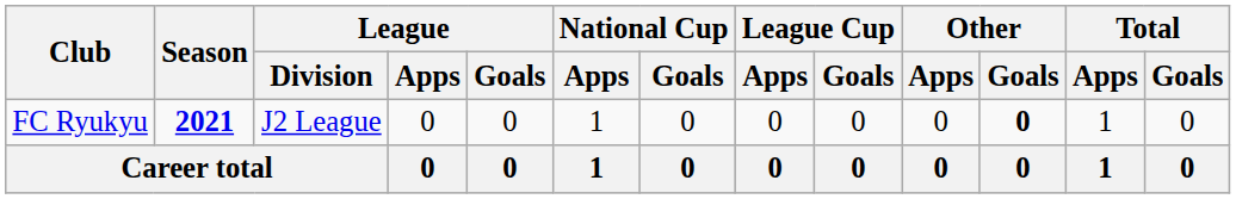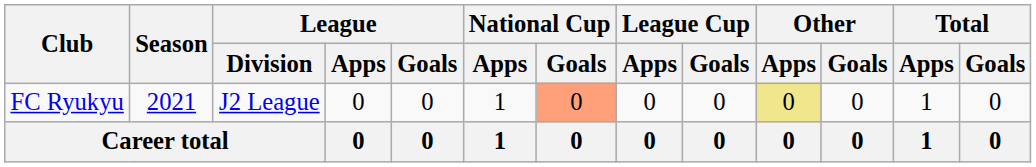 <table class="wikitable" style="text-align: center">
 <tr>
 <th rowspan="2">Club</th>
 <th rowspan="2">Season</th>
 <th colspan="3">League</th>
 <th colspan="2">National Cup</th>
 <th colspan="2">League Cup</th>
 <th colspan="2">Other</th>
 <th colspan="2">Total</th>
 </tr>
 <tr>
 <th>Division</th>
 <th>Apps</th>
 <th>Goals</th>
 <th>Apps</th>
 <th>Goals</th>
 <th>Apps</th>
 <th>Goals</th>
 <th>Apps</th>
 <th>Goals</th>
 <th>Apps</th>
 <th>Goals</th>
 </tr>
 <tr>
 <td><a href='#'>FC Ryukyu</a></td>
-<td><strong><a href='#'>2021</a></strong></td>
+<td><a href='#'>2021</a></td>
 <td><a href='#'>J2 League</a></td>
 <td>0</td>
 <td>0</td>
 <td>1</td>
+<td style="background: lightsalmon;">0</td>
 <td>0</td>
 <td>0</td>
+<td style="background: khaki;">0</td>
 <td>0</td>
-<td>0</td>
-<td><strong>0</strong></td>
 <td>1</td>
 <td>0</td>
 </tr>
 <tr>
 <th colspan=3>Career total</th>
 <th>0</th>
 <th>0</th>
 <th>1</th>
 <th>0</th>
 <th>0</th>
 <th>0</th>
 <th>0</th>
 <th>0</th>
 <th>1</th>
 <th>0</th>
 </tr>
 </table>
